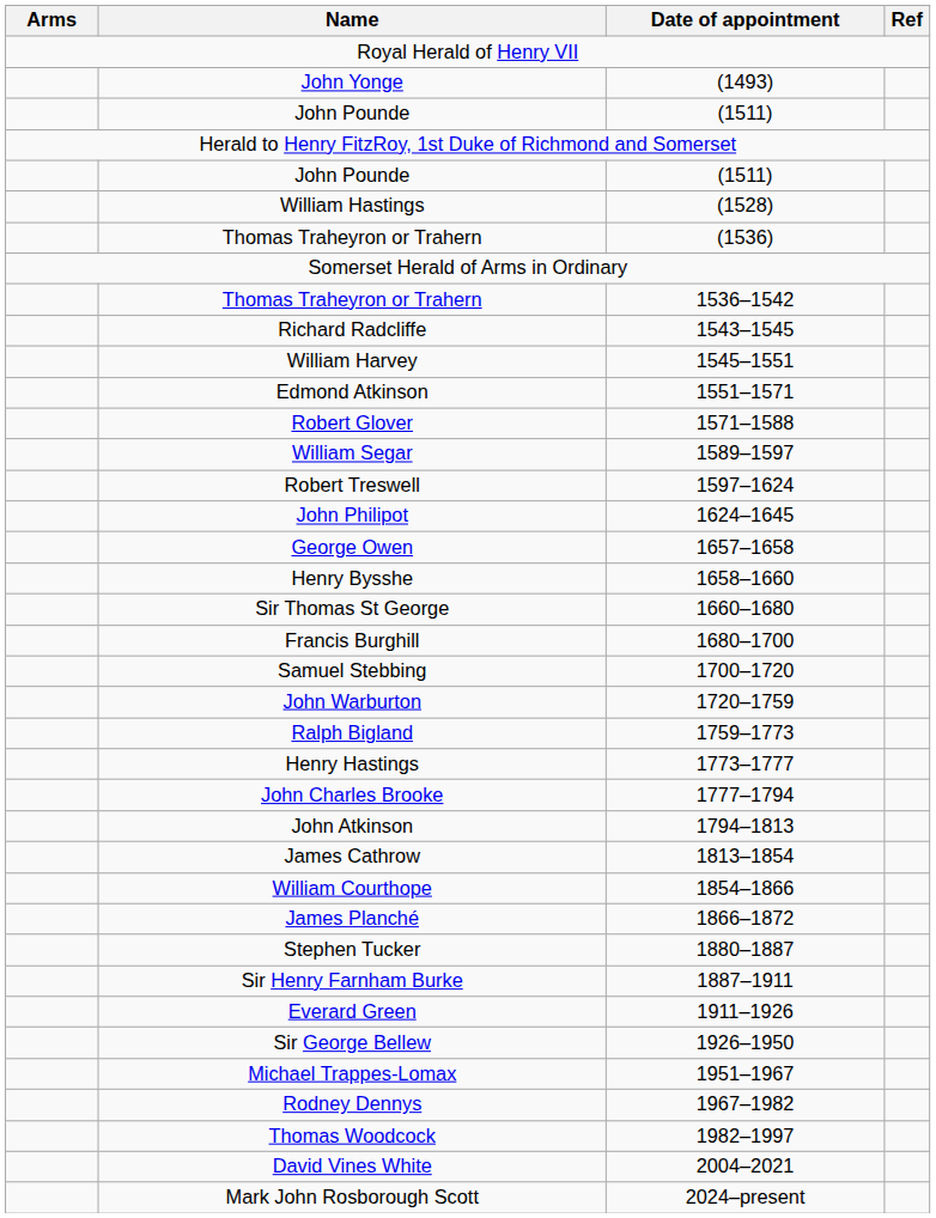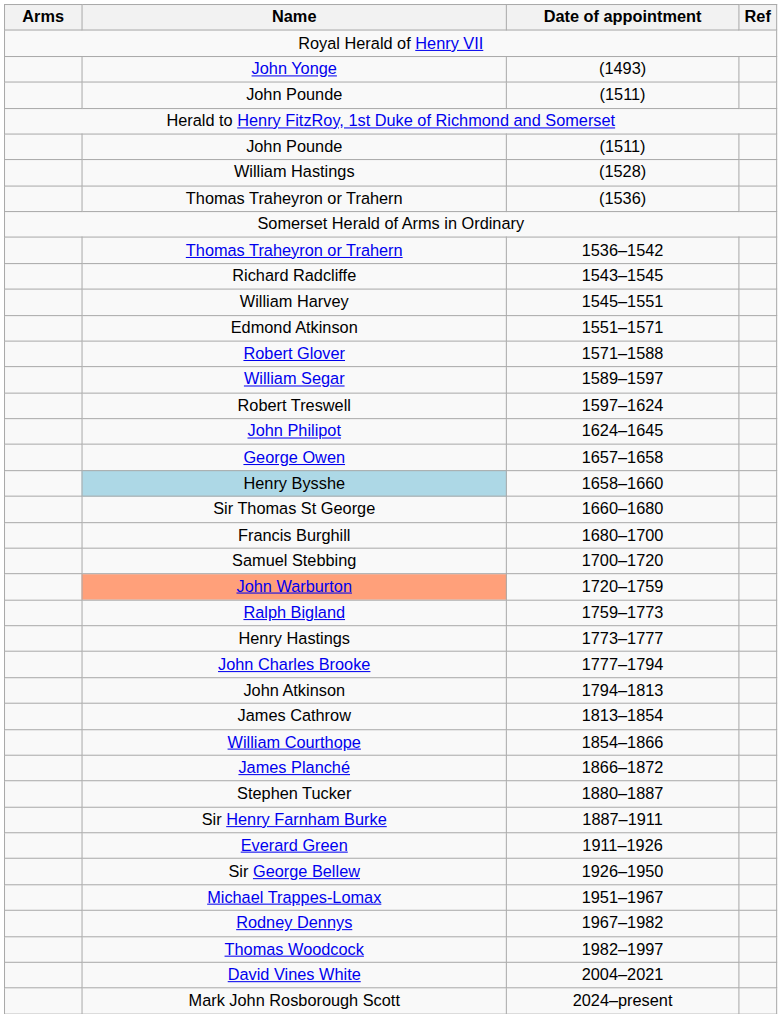 <table class="wikitable" style="text-align:center; width:60%">
 <tr>
 <th>Arms</th>
 <th style="width:55%">Name</th>
 <th style="width:30%">Date of appointment</th>
 <th style="width:5%">Ref</th>
 </tr>
 <tr>
 <td colspan="5" align="center">Royal Herald of <a href='#'>Henry VII</a></td>
 </tr>
 <tr>
 <td></td>
 <td><a href='#'>John Yonge</a></td>
 <td>(1493)</td>
 <td></td>
 </tr>
 <tr>
 <td></td>
 <td>John Pounde</td>
 <td>(1511)</td>
 <td></td>
 </tr>
 <tr>
 <td colspan="5" align="center">Herald to <a href='#'>Henry FitzRoy, 1st Duke of Richmond and Somerset</a></td>
 </tr>
 <tr>
 <td></td>
 <td>John Pounde</td>
 <td>(1511)</td>
 <td></td>
 </tr>
 <tr>
 <td></td>
 <td>William Hastings</td>
 <td>(1528)</td>
 <td></td>
 </tr>
 <tr>
 <td></td>
 <td>Thomas Traheyron or Trahern</td>
 <td>(1536)</td>
 <td></td>
 </tr>
 <tr>
 <td colspan="5" align="center">Somerset Herald of Arms in Ordinary</td>
 </tr>
 <tr>
 <td></td>
 <td><a href='#'>Thomas Traheyron or Trahern</a></td>
 <td>1536–1542</td>
 <td></td>
 </tr>
 <tr>
 <td></td>
 <td>Richard Radcliffe</td>
 <td>1543–1545</td>
 <td></td>
 </tr>
 <tr>
 <td></td>
 <td>William Harvey</td>
 <td>1545–1551</td>
 <td></td>
 </tr>
 <tr>
 <td></td>
 <td>Edmond Atkinson</td>
 <td>1551–1571</td>
 <td></td>
 </tr>
 <tr>
 <td></td>
 <td><a href='#'>Robert Glover</a></td>
 <td>1571–1588</td>
 <td></td>
 </tr>
 <tr>
 <td></td>
 <td><a href='#'>William Segar</a></td>
 <td>1589–1597</td>
 <td></td>
 </tr>
 <tr>
 <td></td>
 <td>Robert Treswell</td>
 <td>1597–1624</td>
 <td></td>
 </tr>
 <tr>
 <td></td>
 <td><a href='#'>John Philipot</a></td>
 <td>1624–1645</td>
 <td></td>
 </tr>
 <tr>
 <td></td>
 <td><a href='#'>George Owen</a></td>
 <td>1657–1658</td>
 <td></td>
 </tr>
 <tr>
 <td></td>
-<td>Henry Bysshe</td>
+<td style="background: lightblue;">Henry Bysshe</td>
 <td>1658–1660</td>
 <td></td>
 </tr>
 <tr>
 <td></td>
 <td>Sir Thomas St George</td>
 <td>1660–1680</td>
 <td></td>
 </tr>
 <tr>
 <td></td>
 <td>Francis Burghill</td>
 <td>1680–1700</td>
 <td></td>
 </tr>
 <tr>
 <td></td>
 <td>Samuel Stebbing</td>
 <td>1700–1720</td>
 <td></td>
 </tr>
 <tr>
 <td></td>
-<td><a href='#'>John Warburton</a></td>
+<td style="background: lightsalmon;"><a href='#'>John Warburton</a></td>
 <td>1720–1759</td>
 <td></td>
 </tr>
 <tr>
 <td></td>
 <td><a href='#'>Ralph Bigland</a></td>
 <td>1759–1773</td>
 <td></td>
 </tr>
 <tr>
 <td></td>
 <td>Henry Hastings</td>
 <td>1773–1777</td>
 <td></td>
 </tr>
 <tr>
 <td></td>
 <td><a href='#'>John Charles Brooke</a></td>
 <td>1777–1794</td>
 <td></td>
 </tr>
 <tr>
 <td></td>
 <td>John Atkinson</td>
 <td>1794–1813</td>
 <td></td>
 </tr>
 <tr>
 <td></td>
 <td>James Cathrow</td>
 <td>1813–1854</td>
 <td></td>
 </tr>
 <tr>
 <td></td>
 <td><a href='#'>William Courthope</a></td>
 <td>1854–1866</td>
 <td></td>
 </tr>
 <tr>
 <td></td>
 <td><a href='#'>James Planché</a></td>
 <td>1866–1872</td>
 <td></td>
 </tr>
 <tr>
 <td></td>
 <td>Stephen Tucker</td>
 <td>1880–1887</td>
 <td></td>
 </tr>
 <tr>
 <td></td>
 <td>Sir <a href='#'>Henry Farnham Burke</a></td>
 <td>1887–1911</td>
 <td></td>
 </tr>
 <tr>
 <td></td>
 <td><a href='#'>Everard Green</a></td>
 <td>1911–1926</td>
 <td></td>
 </tr>
 <tr>
 <td></td>
 <td>Sir <a href='#'>George Bellew</a></td>
 <td>1926–1950</td>
 <td></td>
 </tr>
 <tr>
 <td></td>
 <td><a href='#'>Michael Trappes-Lomax</a></td>
 <td>1951–1967</td>
 <td></td>
 </tr>
 <tr>
 <td></td>
 <td><a href='#'>Rodney Dennys</a></td>
 <td>1967–1982</td>
 <td></td>
 </tr>
 <tr>
 <td></td>
 <td><a href='#'>Thomas Woodcock</a></td>
 <td>1982–1997</td>
 <td></td>
 </tr>
 <tr>
 <td></td>
 <td><a href='#'>David Vines White</a></td>
 <td>2004–2021</td>
 <td></td>
 </tr>
 <tr>
 <td></td>
 <td>Mark John Rosborough Scott</td>
 <td>2024–present</td>
 <td></td>
 </tr>
 <tr>
 </tr>
 </table>
